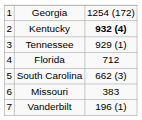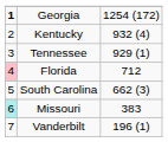 <table class="wikitable" style="display: inline-table;">
 <tr align="center">
 </tr>
 <tr align="center">
-<td>1</td>
+<td><strong>1</strong></td>
 <td>Georgia</td>
 <td>1254 (172)</td>
 </tr>
 <tr align="center">
 <td>2</td>
 <td>Kentucky</td>
-<td><strong>932 (4)</strong></td>
+<td>932 (4)</td>
 </tr>
 <tr align="center">
 <td>3</td>
 <td>Tennessee</td>
 <td>929 (1)</td>
 </tr>
 <tr align="center">
-<td>4</td>
+<td style="background: pink;">4</td>
 <td>Florida</td>
 <td>712</td>
 </tr>
 <tr align="center">
 <td>5</td>
 <td>South Carolina</td>
 <td>662 (3)</td>
 </tr>
 <tr align="center">
-<td>6</td>
+<td style="background: paleturquoise;">6</td>
 <td>Missouri</td>
 <td>383</td>
 </tr>
 <tr align="center">
 <td>7</td>
 <td>Vanderbilt</td>
 <td>196 (1)</td>
 </tr>
 </table>
